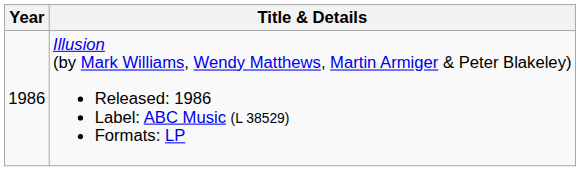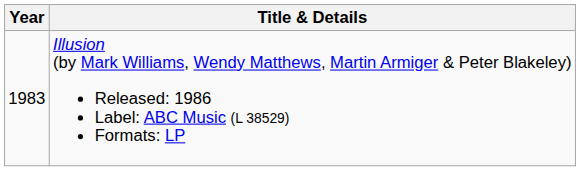 <table class="wikitable">
 <tr>
 <th rowspan="1">Year</th>
 <th rowspan="1">Title & Details</th>
 </tr>
 <tr>
-<td>1986</td>
+<td>1983</td>
 <td><em><a href='#'>Illusion</a></em><br>(by <a href='#'>Mark Williams</a>, <a href='#'>Wendy Matthews</a>, <a href='#'>Martin Armiger</a> & Peter Blakeley)<br><ul><li>Released: 1986</li><li>Label: <a href='#'>ABC Music</a> <small>(L 38529)</small></li><li>Formats: <a href='#'>LP</a></li></ul></td>
 </tr>
 </table>
